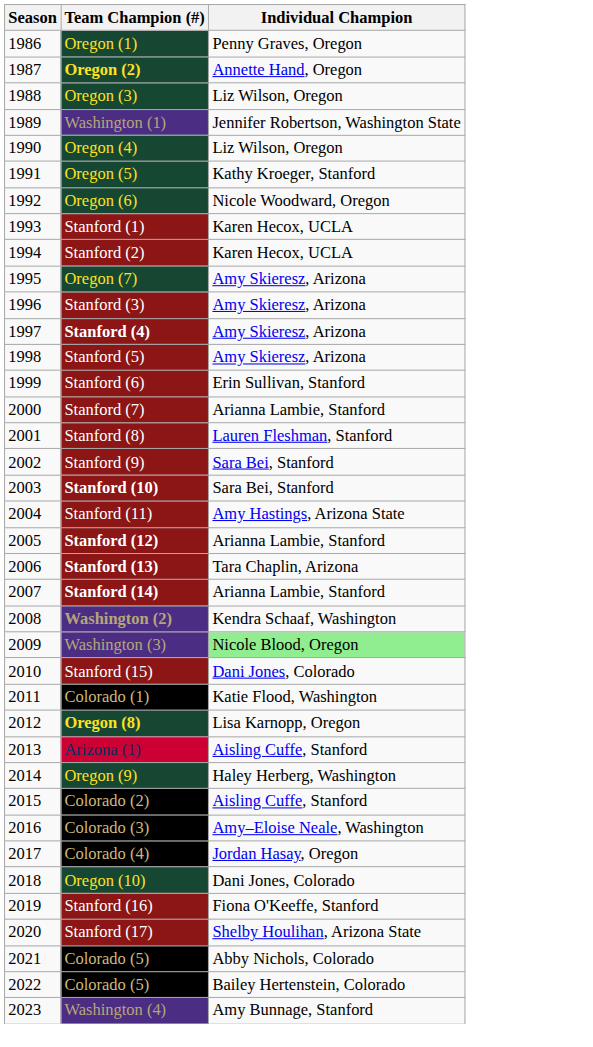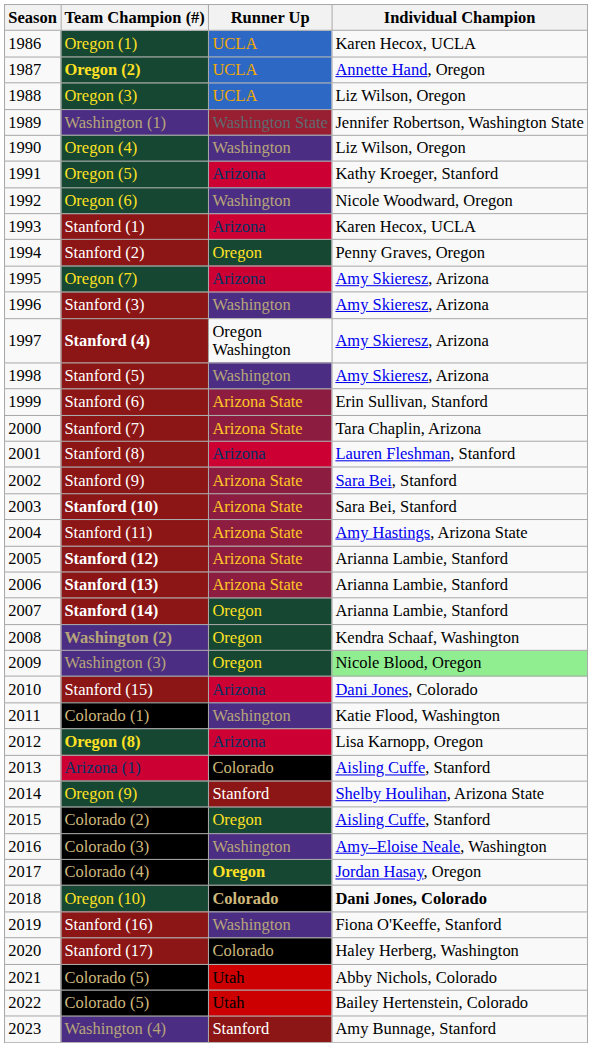 <table class="wikitable">
 <tr>
 <th>Season</th>
 <th>Team Champion (#)</th>
+<th>Runner Up</th>
 <th>Individual Champion</th>
 </tr>
 <tr>
 <td>1986</td>
 <td style="background:#154733; color:#FEE123;">Oregon (1)</td>
-<td>Penny Graves, Oregon</td>
+<td style="background:#2D68C4; color:#F2A900;">UCLA</td>
+<td>Karen Hecox, UCLA</td>
 </tr>
 <tr>
 <td>1987</td>
 <td style="background:#154733; color:#FEE123;"><strong>Oregon (2)</strong></td>
+<td style="background:#2D68C4; color:#F2A900;">UCLA</td>
 <td><a href='#'>Annette Hand</a>, Oregon</td>
 </tr>
 <tr>
 <td>1988</td>
 <td style="background:#154733; color:#FEE123;">Oregon (3)</td>
+<td style="background:#2D68C4; color:#F2A900;">UCLA</td>
 <td>Liz Wilson, Oregon</td>
 </tr>
 <tr>
 <td>1989</td>
 <td style="background:#4B2E83; color:#B7A57A;">Washington (1)</td>
+<td style="background:#981E32; color:#5E6A71;">Washington State</td>
 <td>Jennifer Robertson, Washington State</td>
 </tr>
 <tr>
 <td>1990</td>
 <td style="background:#154733; color:#FEE123;">Oregon (4)</td>
+<td style="background:#4B2E83; color:#B7A57A;">Washington</td>
 <td>Liz Wilson, Oregon</td>
 </tr>
 <tr>
 <td>1991</td>
 <td style="background:#154733; color:#FEE123;">Oregon (5)</td>
+<td style="background:#CC0033; color:#003366;">Arizona</td>
 <td>Kathy Kroeger, Stanford</td>
 </tr>
 <tr>
 <td>1992</td>
 <td style="background:#154733; color:#FEE123;">Oregon (6)</td>
+<td style="background:#4B2E83; color:#B7A57A;">Washington</td>
 <td>Nicole Woodward, Oregon</td>
 </tr>
 <tr>
 <td>1993</td>
 <td style="background:#8C1515; color:#FFFFFF;">Stanford (1)</td>
+<td style="background:#CC0033; color:#003366;">Arizona</td>
 <td>Karen Hecox, UCLA</td>
 </tr>
 <tr>
 <td>1994</td>
 <td style="background:#8C1515; color:#FFFFFF;">Stanford (2)</td>
-<td>Karen Hecox, UCLA</td>
+<td style="background:#154733; color:#FEE123;">Oregon</td>
+<td>Penny Graves, Oregon</td>
 </tr>
 <tr>
 <td>1995</td>
 <td style="background:#154733; color:#FEE123;">Oregon (7)</td>
+<td style="background:#CC0033; color:#003366;">Arizona</td>
 <td><a href='#'>Amy Skieresz</a>, Arizona</td>
 </tr>
 <tr>
 <td>1996</td>
 <td style="background:#8C1515; color:#FFFFFF;">Stanford (3)</td>
+<td style="background:#4B2E83; color:#B7A57A;">Washington</td>
 <td><a href='#'>Amy Skieresz</a>, Arizona</td>
 </tr>
 <tr>
 <td>1997</td>
 <td style="background:#8C1515; color:#FFFFFF;"><strong>Stanford (4)</strong></td>
+<td>Oregon<br>Washington</td>
 <td><a href='#'>Amy Skieresz</a>, Arizona</td>
 </tr>
 <tr>
 <td>1998</td>
 <td style="background:#8C1515; color:#FFFFFF;">Stanford (5)</td>
+<td style="background:#4B2E83; color:#B7A57A;">Washington</td>
 <td><a href='#'>Amy Skieresz</a>, Arizona</td>
 </tr>
 <tr>
 <td>1999</td>
 <td style="background:#8C1515; color:#FFFFFF;">Stanford (6)</td>
+<td style="background:#8C1D40; color:#FFC627;">Arizona State</td>
 <td>Erin Sullivan, Stanford</td>
 </tr>
 <tr>
 <td>2000</td>
 <td style="background:#8C1515; color:#FFFFFF;">Stanford (7)</td>
-<td>Arianna Lambie, Stanford</td>
+<td style="background:#8C1D40; color:#FFC627;">Arizona State</td>
+<td>Tara Chaplin, Arizona</td>
 </tr>
 <tr>
 <td>2001</td>
 <td style="background:#8C1515; color:#FFFFFF;">Stanford (8)</td>
+<td style="background:#CC0033; color:#003366;">Arizona</td>
 <td><a href='#'>Lauren Fleshman</a>, Stanford</td>
 </tr>
 <tr>
 <td>2002</td>
 <td style="background:#8C1515; color:#FFFFFF;">Stanford (9)</td>
+<td style="background:#8C1D40; color:#FFC627;">Arizona State</td>
 <td><a href='#'>Sara Bei</a>, Stanford</td>
 </tr>
 <tr>
 <td>2003</td>
 <td style="background:#8C1515; color:#FFFFFF;"><strong>Stanford (10)</strong></td>
+<td style="background:#8C1D40; color:#FFC627;">Arizona State</td>
 <td>Sara Bei, Stanford</td>
 </tr>
 <tr>
 <td>2004</td>
 <td style="background:#8C1515; color:#FFFFFF;">Stanford (11)</td>
+<td style="background:#8C1D40; color:#FFC627;">Arizona State</td>
 <td><a href='#'>Amy Hastings</a>, Arizona State</td>
 </tr>
 <tr>
 <td>2005</td>
 <td style="background:#8C1515; color:#FFFFFF;"><strong>Stanford (12)</strong></td>
+<td style="background:#8C1D40; color:#FFC627;">Arizona State</td>
 <td>Arianna Lambie, Stanford</td>
 </tr>
 <tr>
 <td>2006</td>
 <td style="background:#8C1515; color:#FFFFFF;"><strong>Stanford (13)</strong></td>
-<td>Tara Chaplin, Arizona</td>
+<td style="background:#8C1D40; color:#FFC627;">Arizona State</td>
+<td>Arianna Lambie, Stanford</td>
 </tr>
 <tr>
 <td>2007</td>
 <td style="background:#8C1515; color:#FFFFFF;"><strong>Stanford (14)</strong></td>
+<td style="background:#154733; color:#FEE123;">Oregon</td>
 <td>Arianna Lambie, Stanford</td>
 </tr>
 <tr>
 <td>2008</td>
 <td style="background:#4B2E83; color:#B7A57A;"><strong>Washington (2)</strong></td>
+<td style="background:#154733; color:#FEE123;">Oregon</td>
 <td>Kendra Schaaf, Washington</td>
 </tr>
 <tr>
 <td>2009</td>
 <td style="background:#4B2E83; color:#B7A57A;">Washington (3)</td>
+<td style="background:#154733; color:#FEE123;">Oregon</td>
 <td style="background: lightgreen;">Nicole Blood, Oregon</td>
 </tr>
 <tr>
 <td>2010</td>
 <td style="background:#8C1515; color:#FFFFFF;">Stanford (15)</td>
+<td style="background:#CC0033; color:#003366;">Arizona</td>
 <td><a href='#'>Dani Jones</a>, Colorado</td>
 </tr>
 <tr>
 <td>2011</td>
 <td style="background:#000000; color:#CFB87C;">Colorado (1)</td>
+<td style="background:#4B2E83; color:#B7A57A;">Washington</td>
 <td>Katie Flood, Washington</td>
 </tr>
 <tr>
 <td>2012</td>
 <td style="background:#154733; color:#FEE123;"><strong>Oregon (8)</strong></td>
+<td style="background:#CC0033; color:#003366;">Arizona</td>
 <td>Lisa Karnopp, Oregon</td>
 </tr>
 <tr>
 <td>2013</td>
 <td style="background:#CC0033; color:#003366;">Arizona (1)</td>
+<td style="background:#000000; color:#CFB87C;">Colorado</td>
 <td><a href='#'>Aisling Cuffe</a>, Stanford</td>
 </tr>
 <tr>
 <td>2014</td>
 <td style="background:#154733; color:#FEE123;">Oregon (9)</td>
-<td>Haley Herberg, Washington</td>
+<td style="background:#8C1515; color:#FFFFFF;">Stanford</td>
+<td><a href='#'>Shelby Houlihan</a>, Arizona State</td>
 </tr>
 <tr>
 <td>2015</td>
 <td style="background:#000000; color:#CFB87C;">Colorado (2)</td>
+<td style="background:#154733; color:#FEE123;">Oregon</td>
 <td><a href='#'>Aisling Cuffe</a>, Stanford</td>
 </tr>
 <tr>
 <td>2016</td>
 <td style="background:#000000; color:#CFB87C;">Colorado (3)</td>
+<td style="background:#4B2E83; color:#B7A57A;">Washington</td>
 <td><a href='#'>Amy–Eloise Neale</a>, Washington</td>
 </tr>
 <tr>
 <td>2017</td>
 <td style="background:#000000; color:#CFB87C;">Colorado (4)</td>
+<td style="background:#154733; color:#FEE123;"><strong>Oregon</strong></td>
 <td><a href='#'>Jordan Hasay</a>, Oregon</td>
 </tr>
 <tr>
 <td>2018</td>
 <td style="background:#154733; color:#FEE123;">Oregon (10)</td>
-<td>Dani Jones, Colorado</td>
+<td style="background:#000000; color:#CFB87C;"><strong>Colorado</strong></td>
+<td><strong>Dani Jones, Colorado</strong></td>
 </tr>
 <tr>
 <td>2019</td>
 <td style="background:#8C1515; color:#FFFFFF;">Stanford (16)</td>
+<td style="background:#4B2E83; color:#B7A57A;">Washington</td>
 <td>Fiona O'Keeffe, Stanford</td>
 </tr>
 <tr>
 <td>2020</td>
 <td style="background:#8C1515; color:#FFFFFF;">Stanford (17)</td>
-<td><a href='#'>Shelby Houlihan</a>, Arizona State</td>
+<td style="background:#000000; color:#CFB87C;">Colorado</td>
+<td>Haley Herberg, Washington</td>
 </tr>
 <tr>
 <td>2021</td>
 <td style="background:#000000; color:#CFB87C;">Colorado (5)</td>
+<td style="background:#CC0000; color:#000000;">Utah</td>
 <td>Abby Nichols, Colorado</td>
 </tr>
 <tr>
 <td>2022</td>
 <td style="background:#000000; color:#CFB87C;">Colorado (5)</td>
+<td style="background:#CC0000; color:#000000;">Utah</td>
 <td>Bailey Hertenstein, Colorado</td>
 </tr>
 <tr>
 <td>2023</td>
 <td style="background:#4B2E83; color:#B7A57A;">Washington (4)</td>
+<td style="background:#8C1515; color:#FFFFFF;">Stanford</td>
 <td>Amy Bunnage, Stanford</td>
 </tr>
 </table>
